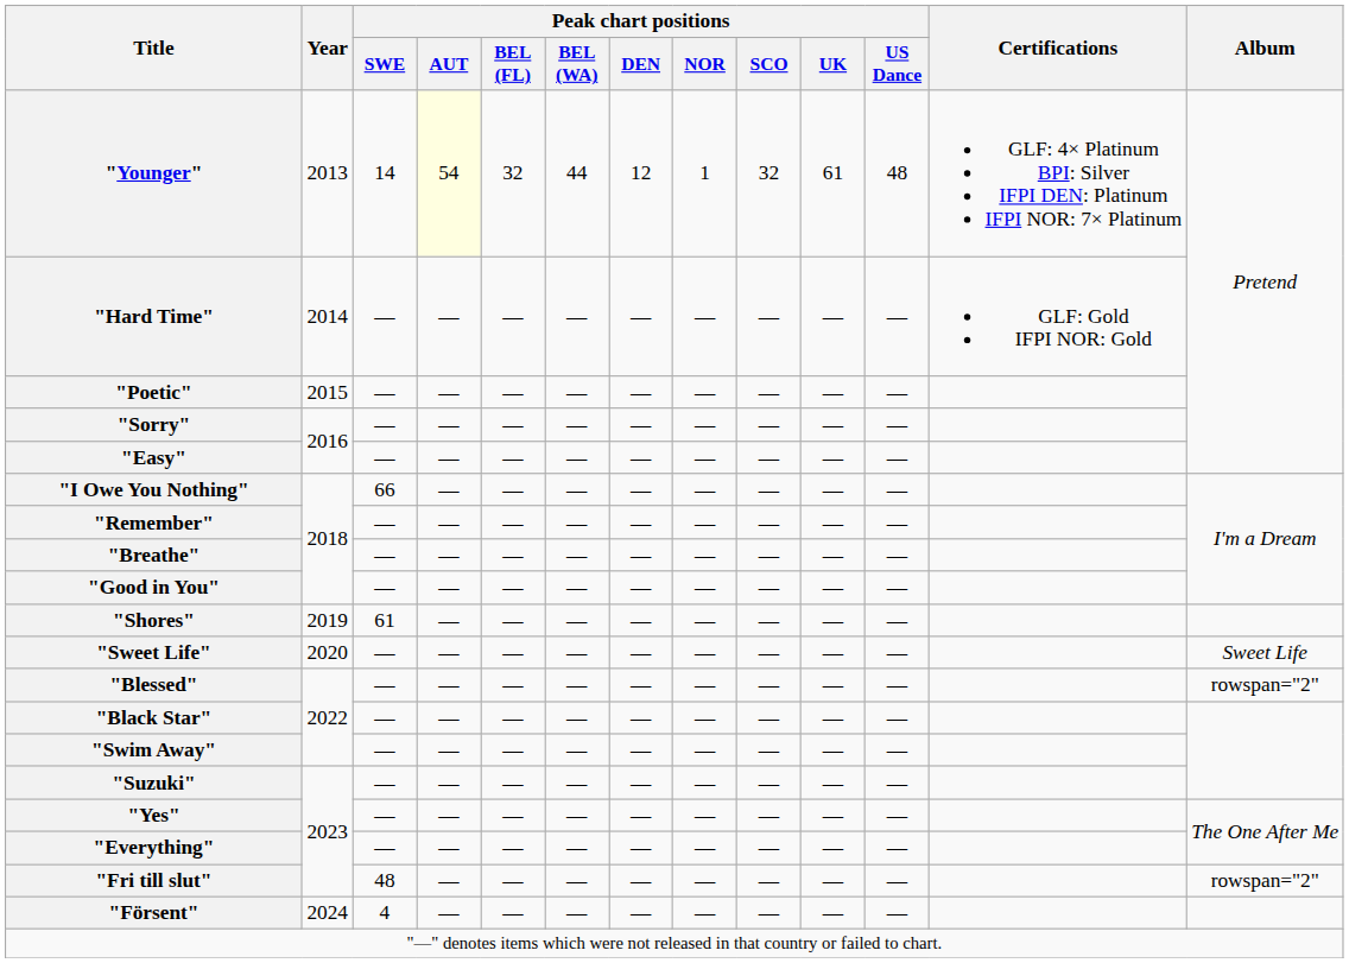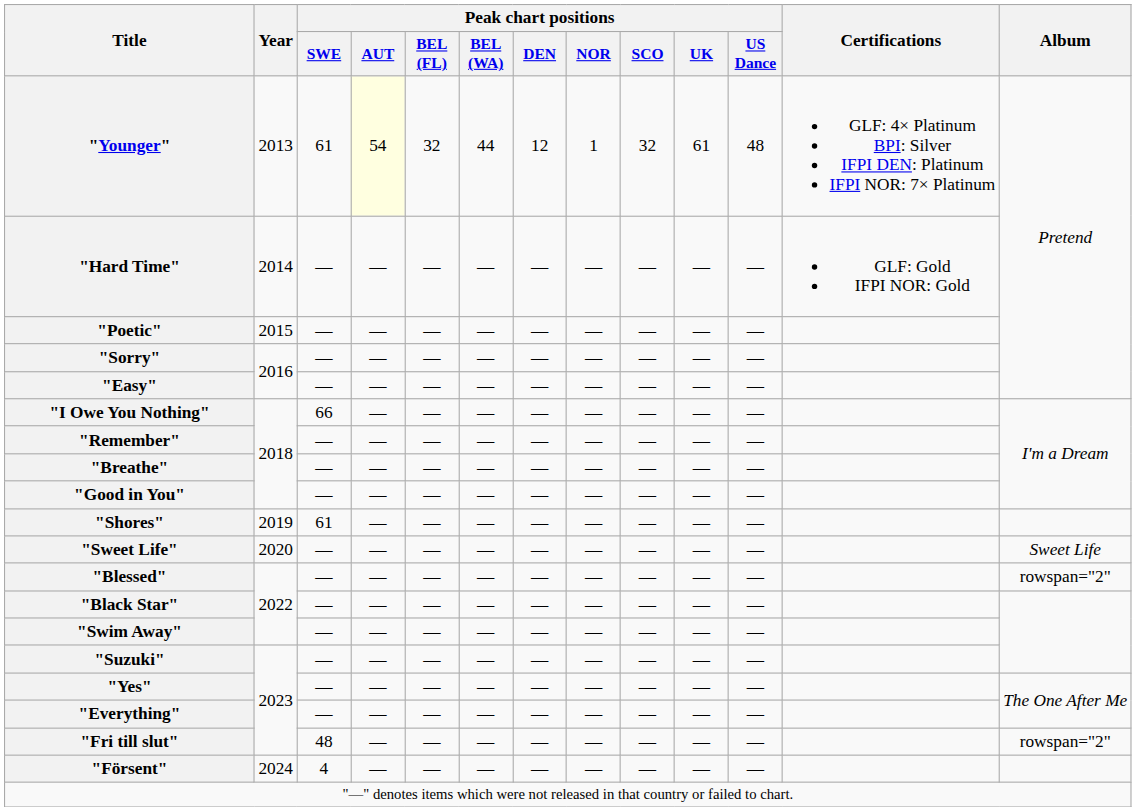 <table class="wikitable plainrowheaders" style="text-align:center;">
 <tr>
 <th scope="col" rowspan="2" style="width:14em;">Title</th>
 <th scope="col" rowspan="2">Year</th>
 <th scope="col" colspan="9">Peak chart positions</th>
 <th scope="col" rowspan="2">Certifications</th>
 <th scope="col" rowspan="2">Album</th>
 </tr>
 <tr>
 <th scope="col" style="width:3em;font-size:90%;"><a href='#'>SWE</a><br></th>
 <th scope="col" style="width:3em;font-size:90%;"><a href='#'>AUT</a><br></th>
 <th scope="col" style="width:3em;font-size:90%;"><a href='#'>BEL<br>(FL)</a><br></th>
 <th scope="col" style="width:3em;font-size:90%;"><a href='#'>BEL<br>(WA)</a><br></th>
 <th scope="col" style="width:3em;font-size:90%;"><a href='#'>DEN</a><br></th>
 <th scope="col" style="width:3em;font-size:90%;"><a href='#'>NOR</a><br></th>
 <th scope="col" style="width:3em;font-size:90%;"><a href='#'>SCO</a><br></th>
 <th scope="col" style="width:3em;font-size:90%;"><a href='#'>UK</a><br></th>
 <th scope="col" style="width:3em;font-size:90%;"><a href='#'>US<br>Dance</a><br></th>
 </tr>
 <tr>
 <th scope="row">"<a href='#'>Younger</a>"</th>
 <td>2013</td>
-<td>14</td>
+<td>61</td>
 <td style="background: lightyellow;">54</td>
 <td>32</td>
 <td>44</td>
 <td>12</td>
 <td>1</td>
 <td>32</td>
 <td>61</td>
 <td>48</td>
 <td><br><ul><li>GLF: 4× Platinum</li><li><a href='#'>BPI</a>: Silver</li><li><a href='#'>IFPI DEN</a>: Platinum</li><li><a href='#'>IFPI</a> NOR: 7× Platinum</li></ul></td>
 <td rowspan="5"><em>Pretend</em></td>
 </tr>
 <tr>
 <th scope="row">"Hard Time"</th>
 <td>2014</td>
 <td>—</td>
 <td>—</td>
 <td>—</td>
 <td>—</td>
 <td>—</td>
 <td>—</td>
 <td>—</td>
 <td>—</td>
 <td>—</td>
 <td><br><ul><li>GLF: Gold</li><li>IFPI NOR: Gold</li></ul></td>
 </tr>
 <tr>
 <th scope="row">"Poetic"</th>
 <td>2015</td>
 <td>—</td>
 <td>—</td>
 <td>—</td>
 <td>—</td>
 <td>—</td>
 <td>—</td>
 <td>—</td>
 <td>—</td>
 <td>—</td>
 <td></td>
 </tr>
 <tr>
 <th scope="row">"Sorry"</th>
 <td rowspan="2">2016</td>
 <td>—</td>
 <td>—</td>
 <td>—</td>
 <td>—</td>
 <td>—</td>
 <td>—</td>
 <td>—</td>
 <td>—</td>
 <td>—</td>
 <td></td>
 </tr>
 <tr>
 <th scope="row">"Easy"</th>
 <td>—</td>
 <td>—</td>
 <td>—</td>
 <td>—</td>
 <td>—</td>
 <td>—</td>
 <td>—</td>
 <td>—</td>
 <td>—</td>
 <td></td>
 </tr>
 <tr>
 <th scope="row">"I Owe You Nothing"</th>
 <td rowspan="4">2018</td>
 <td>66</td>
 <td>—</td>
 <td>—</td>
 <td>—</td>
 <td>—</td>
 <td>—</td>
 <td>—</td>
 <td>—</td>
 <td>—</td>
 <td></td>
 <td rowspan="4"><em>I'm a Dream</em></td>
 </tr>
 <tr>
 <th scope="row">"Remember"<br></th>
 <td>—</td>
 <td>—</td>
 <td>—</td>
 <td>—</td>
 <td>—</td>
 <td>—</td>
 <td>—</td>
 <td>—</td>
 <td>—</td>
 <td></td>
 </tr>
 <tr>
 <th scope="row">"Breathe"</th>
 <td>—</td>
 <td>—</td>
 <td>—</td>
 <td>—</td>
 <td>—</td>
 <td>—</td>
 <td>—</td>
 <td>—</td>
 <td>—</td>
 <td></td>
 </tr>
 <tr>
 <th scope="row">"Good in You"</th>
 <td>—</td>
 <td>—</td>
 <td>—</td>
 <td>—</td>
 <td>—</td>
 <td>—</td>
 <td>—</td>
 <td>—</td>
 <td>—</td>
 <td></td>
 </tr>
 <tr>
 <th scope="row">"Shores"<br></th>
 <td>2019</td>
 <td>61</td>
 <td>—</td>
 <td>—</td>
 <td>—</td>
 <td>—</td>
 <td>—</td>
 <td>—</td>
 <td>—</td>
 <td>—</td>
 <td></td>
 <td></td>
 </tr>
 <tr>
 <th scope="row">"Sweet Life"<br></th>
 <td>2020</td>
 <td>—</td>
 <td>—</td>
 <td>—</td>
 <td>—</td>
 <td>—</td>
 <td>—</td>
 <td>—</td>
 <td>—</td>
 <td>—</td>
 <td></td>
 <td><em>Sweet Life</em></td>
 </tr>
 <tr>
 <th scope="row">"Blessed"</th>
 <td rowspan="3">2022</td>
 <td>—</td>
 <td>—</td>
 <td>—</td>
 <td>—</td>
 <td>—</td>
 <td>—</td>
 <td>—</td>
 <td>—</td>
 <td>—</td>
 <td></td>
 <td>rowspan="2" </td>
 </tr>
 <tr>
 <th scope="row">"Black Star"</th>
 <td>—</td>
 <td>—</td>
 <td>—</td>
 <td>—</td>
 <td>—</td>
 <td>—</td>
 <td>—</td>
 <td>—</td>
 <td>—</td>
 <td></td>
 </tr>
 <tr>
 <th scope="row">"Swim Away"</th>
 <td>—</td>
 <td>—</td>
 <td>—</td>
 <td>—</td>
 <td>—</td>
 <td>—</td>
 <td>—</td>
 <td>—</td>
 <td>—</td>
 <td></td>
 </tr>
 <tr>
 <th scope="row">"Suzuki"</th>
 <td rowspan="4">2023</td>
 <td>—</td>
 <td>—</td>
 <td>—</td>
 <td>—</td>
 <td>—</td>
 <td>—</td>
 <td>—</td>
 <td>—</td>
 <td>—</td>
 <td></td>
 </tr>
 <tr>
 <th scope="row">"Yes"<br></th>
 <td>—</td>
 <td>—</td>
 <td>—</td>
 <td>—</td>
 <td>—</td>
 <td>—</td>
 <td>—</td>
 <td>—</td>
 <td>—</td>
 <td></td>
 <td rowspan="2"><em>The One After Me</em></td>
 </tr>
 <tr>
 <th scope="row">"Everything"</th>
 <td>—</td>
 <td>—</td>
 <td>—</td>
 <td>—</td>
 <td>—</td>
 <td>—</td>
 <td>—</td>
 <td>—</td>
 <td>—</td>
 <td></td>
 </tr>
 <tr>
 <th scope="row">"Fri till slut"<br></th>
 <td>48<br></td>
 <td>—</td>
 <td>—</td>
 <td>—</td>
 <td>—</td>
 <td>—</td>
 <td>—</td>
 <td>—</td>
 <td>—</td>
 <td></td>
 <td>rowspan="2" </td>
 </tr>
 <tr>
 <th scope="row">"Försent"<br></th>
 <td>2024</td>
 <td>4<br></td>
 <td>—</td>
 <td>—</td>
 <td>—</td>
 <td>—</td>
 <td>—</td>
 <td>—</td>
 <td>—</td>
 <td>—</td>
 <td></td>
 </tr>
 <tr>
 <td colspan="14" style="font-size:85%;">"—" denotes items which were not released in that country or failed to chart.</td>
 </tr>
 </table>
